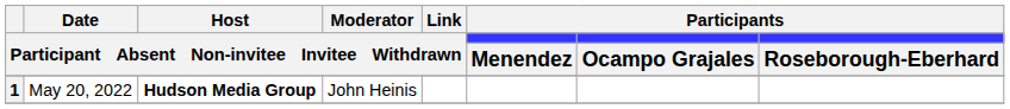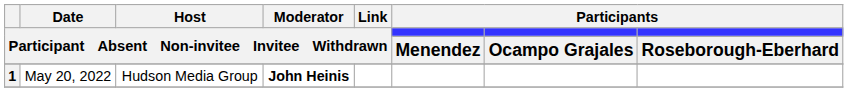 <table class="wikitable" style="text-align:center;">
 <tr style="font-size:small;">
 <th scope="col"></th>
 <th scope="col">Date</th>
 <th scope="col">Host</th>
 <th scope="col">Moderator</th>
 <th scope="col">Link</th>
 <th scope="col" colspan="3">Participants</th>
 </tr>
 <tr>
 <th colspan="5" rowspan="2"> <small>Participant  </small> <small>Absent  </small> <small>Non-invitee  </small> <small>Invitee  </small> <small>Withdrawn</small></th>
 <th scope="col" style="background:#3333FF;"></th>
 <th scope="col" style="background:#3333FF;"></th>
 <th scope="col" style="background:#3333FF;"></th>
 </tr>
 <tr>
 <th scope="col">Menendez</th>
 <th scope="col">Ocampo Grajales</th>
 <th scope="col">Roseborough-Eberhard</th>
 </tr>
 <tr>
 </tr>
 <tr style="background:#FFFFFF;font-size:small;">
 <th scope="row">1</th>
 <td style="white-space:nowrap;">May 20, 2022</td>
-<td style="white-space:nowrap;"><strong>Hudson Media Group</strong></td>
-<td style="white-space:nowrap;">John Heinis</td>
+<td style="white-space:nowrap;">Hudson Media Group</td>
+<td style="white-space:nowrap;"><strong>John Heinis</strong></td>
 <td style="white-space:nowrap;"></td>
 <td></td>
 <td></td>
 <td></td>
 </tr>
 <tr>
 </tr>
 </table>
